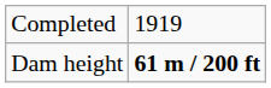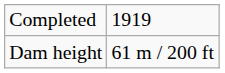 <table class="wikitable">
 <tr>
 <td>Completed</td>
 <td>1919</td>
 </tr>
 <tr>
 <td>Dam height</td>
-<td><strong>61 m / 200 ft</strong></td>
+<td>61 m / 200 ft</td>
 </tr>
 </table>
